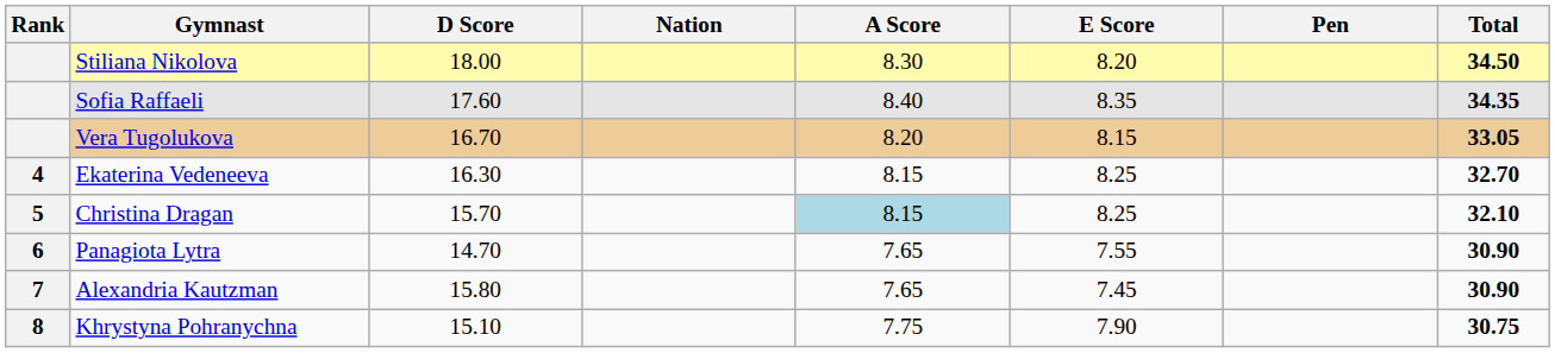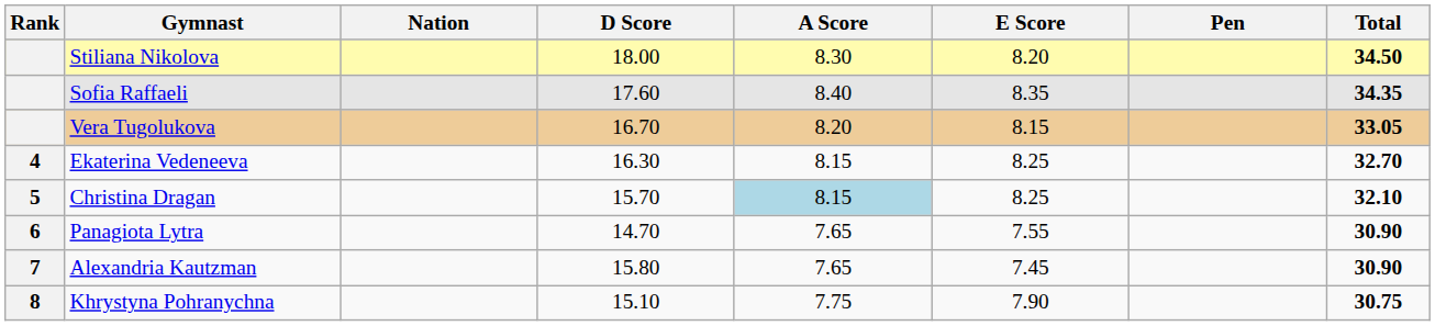 <table class="wikitable sortable" style="text-align:center; font-size:85%">
 <tr>
 <th scope="col" style="width:20px;">Rank</th>
 <th ! scope="col" style="width:170px;">Gymnast</th>
+<th ! scope="col" style="width:120px;">Nation</th>
 <th ! scope="col" style="width:120px;">D Score</th>
-<th ! scope="col" style="width:120px;">Nation</th>
 <th ! scope="col" style="width:120px;">A Score</th>
 <th ! scope="col" style="width:120px;">E Score</th>
 <th ! scope="col" style="width:120px;">Pen</th>
 <th scope="col" style="width:60px;" !>Total</th>
 </tr>
 <tr bgcolor=fffcaf>
 <th scope=row></th>
 <td align=left><a href='#'>Stiliana Nikolova</a></td>
+<td style="text-align:left;"></td>
 <td>18.00</td>
-<td style="text-align:left;"></td>
 <td>8.30</td>
 <td>8.20</td>
 <td></td>
 <td><strong>34.50</strong></td>
 </tr>
 <tr bgcolor=e5e5e5>
 <th scope=row></th>
 <td align=left><a href='#'>Sofia Raffaeli</a></td>
+<td style="text-align:left;"></td>
 <td>17.60</td>
-<td style="text-align:left;"></td>
 <td>8.40</td>
 <td>8.35</td>
 <td></td>
 <td><strong>34.35</strong></td>
 </tr>
 <tr bgcolor=eecc99>
 <th scope=row></th>
 <td align=left><a href='#'>Vera Tugolukova</a></td>
+<td style="text-align:left;"></td>
 <td>16.70</td>
-<td style="text-align:left;"></td>
 <td>8.20</td>
 <td>8.15</td>
 <td></td>
 <td><strong>33.05</strong></td>
 </tr>
 <tr>
 <th scope=row>4</th>
 <td align=left><a href='#'>Ekaterina Vedeneeva</a></td>
+<td style="text-align:left;"></td>
 <td>16.30</td>
-<td style="text-align:left;"></td>
 <td>8.15</td>
 <td>8.25</td>
 <td></td>
 <td><strong>32.70</strong></td>
 </tr>
 <tr>
 <th scope=row>5</th>
 <td align=left><a href='#'>Christina Dragan</a></td>
+<td style="text-align:left;"></td>
 <td>15.70</td>
-<td style="text-align:left;"></td>
 <td style="background: lightblue;">8.15</td>
 <td>8.25</td>
 <td></td>
 <td><strong>32.10</strong></td>
 </tr>
 <tr>
 <th scope=row>6</th>
 <td align=left><a href='#'>Panagiota Lytra</a></td>
+<td style="text-align:left;"></td>
 <td>14.70</td>
-<td style="text-align:left;"></td>
 <td>7.65</td>
 <td>7.55</td>
 <td></td>
 <td><strong>30.90</strong></td>
 </tr>
 <tr>
 <th scope=row>7</th>
 <td align=left><a href='#'>Alexandria Kautzman</a></td>
+<td style="text-align:left;"></td>
 <td>15.80</td>
-<td style="text-align:left;"></td>
 <td>7.65</td>
 <td>7.45</td>
 <td></td>
 <td><strong>30.90</strong></td>
 </tr>
 <tr>
 <th scope=row>8</th>
 <td align=left><a href='#'>Khrystyna Pohranychna</a></td>
+<td style="text-align:left;"></td>
 <td>15.10</td>
-<td style="text-align:left;"></td>
 <td>7.75</td>
 <td>7.90</td>
 <td></td>
 <td><strong>30.75</strong></td>
 </tr>
 </table>
